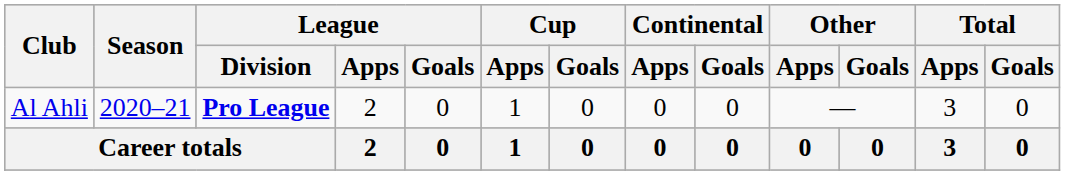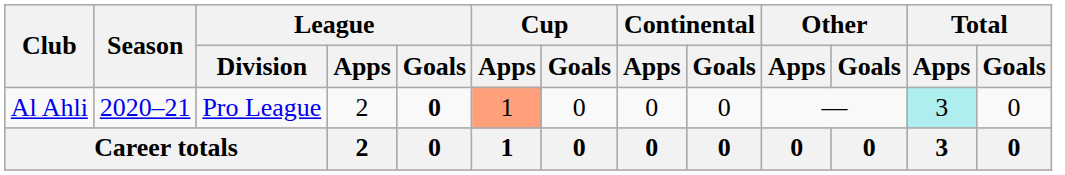 <table class="wikitable" style="text-align: center">
 <tr>
 <th rowspan="2">Club</th>
 <th rowspan="2">Season</th>
 <th colspan="3">League</th>
 <th colspan="2">Cup</th>
 <th colspan="2">Continental</th>
 <th colspan="2">Other</th>
 <th colspan="2">Total</th>
 </tr>
 <tr>
 <th>Division</th>
 <th>Apps</th>
 <th>Goals</th>
 <th>Apps</th>
 <th>Goals</th>
 <th>Apps</th>
 <th>Goals</th>
 <th>Apps</th>
 <th>Goals</th>
 <th>Apps</th>
 <th>Goals</th>
 </tr>
 <tr>
 <td rowspan=1><a href='#'>Al Ahli</a></td>
 <td><a href='#'>2020–21</a></td>
-<td><strong><a href='#'>Pro League</a></strong></td>
+<td><a href='#'>Pro League</a></td>
 <td>2</td>
-<td>0</td>
-<td>1</td>
+<td><strong>0</strong></td>
+<td style="background: lightsalmon;">1</td>
 <td>0</td>
 <td>0</td>
 <td>0</td>
 <td colspan=2>—</td>
-<td>3</td>
+<td style="background: paleturquoise;">3</td>
 <td>0</td>
 </tr>
 <tr>
 <th colspan=3>Career totals</th>
 <th>2</th>
 <th>0</th>
 <th>1</th>
 <th>0</th>
 <th>0</th>
 <th>0</th>
 <th>0</th>
 <th>0</th>
 <th>3</th>
 <th>0</th>
 </tr>
 </table>
